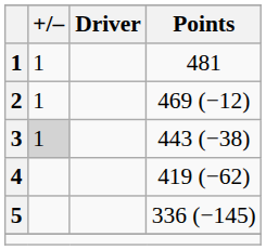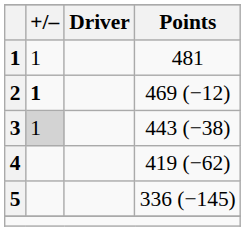 <table class="wikitable sortable" style="font-size:95%;">
 <tr>
 </tr>
 <tr>
 <th scope="col"></th>
 <th scope="col">+/–</th>
 <th scope="col">Driver</th>
 <th scope="col">Points</th>
 </tr>
 <tr>
 <th scope="row">1</th>
 <td align="left"> 1</td>
 <td data-sort-value="HOR"></td>
 <td style="text-align:center;">481</td>
 </tr>
 <tr>
 <th scope="row">2</th>
-<td align="left"> 1</td>
+<td align="left"><strong> 1</strong></td>
 <td data-sort-value="CAS"></td>
 <td style="text-align:center;">469 (−12)</td>
 </tr>
 <tr>
 <th scope="row">3</th>
 <td align="left" style="background: lightgrey;"> 1</td>
 <td data-sort-value="DEF"></td>
 <td style="text-align:center;">443 (−38)</td>
 </tr>
 <tr>
 <th scope="row">4</th>
 <td align="left"></td>
 <td data-sort-value="GIA"></td>
 <td style="text-align:center;">419 (−62)</td>
 </tr>
 <tr>
 <th scope="row">5</th>
 <td align="left"></td>
 <td data-sort-value="BAR"></td>
 <td style="text-align:center;">336 (−145)</td>
 </tr>
 <tr>
 </tr>
 <tr class="sortbottom">
 <td colspan="9"></td>
 </tr>
 </table>
